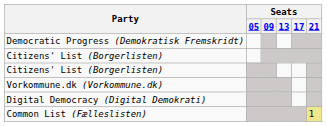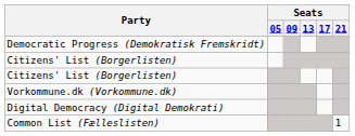 <table class="wikitable">
 <tr>
 <th rowspan=2>Party</th>
 <th colspan=11>Seats</th>
 </tr>
 <tr>
 <th><a href='#'>05</a></th>
 <th><a href='#'>09</a></th>
 <th><a href='#'>13</a></th>
 <th><a href='#'>17</a></th>
 <th><a href='#'>21</a></th>
 </tr>
 <tr>
 <td>Democratic Progress <em>(Demokratisk Fremskridt)</em></td>
 <td></td>
 <td style="background:#CDC9C9;"></td>
 <td></td>
 <td style="background:#CDC9C9;" colspan=2></td>
 </tr>
 <tr>
 <td>Citizens' List <em>(Borgerlisten)</em></td>
 <td></td>
 <td style="background:#CDC9C9;" colspan=4></td>
 </tr>
 <tr>
 <td>Citizens' List <em>(Borgerlisten)</em></td>
 <td style="background:#CDC9C9;" colspan=2></td>
 <td></td>
 <td></td>
 <td style="background:#CDC9C9;"></td>
 </tr>
 <tr>
 <td>Vorkommune.dk <em>(Vorkommune.dk)</em></td>
 <td style="background:#CDC9C9;" colspan=3></td>
 <td></td>
 <td style="background:#CDC9C9;"></td>
 </tr>
 <tr>
 <td>Digital Democracy <em>(Digital Demokrati)</em></td>
 <td style="background:#CDC9C9;" colspan=3></td>
 <td></td>
 <td style="background:#CDC9C9;"></td>
 </tr>
 <tr>
 <td>Common List <em>(Fælleslisten)</em></td>
 <td style="background:#CDC9C9;" colspan=4></td>
-<td style="background: khaki;">1</td>
+<td>1</td>
 </tr>
 </table>
